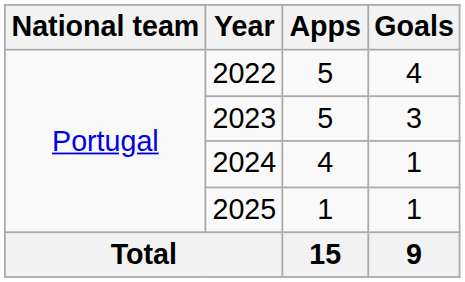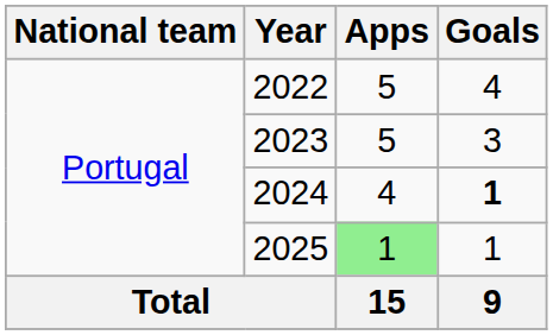 <table class="wikitable" style="text-align:center">
 <tr>
 <th>National team</th>
 <th>Year</th>
 <th>Apps</th>
 <th>Goals</th>
 </tr>
 <tr>
 <td rowspan="4"><a href='#'>Portugal</a></td>
 <td>2022</td>
 <td>5</td>
 <td>4</td>
 </tr>
 <tr>
 <td>2023</td>
 <td>5</td>
 <td>3</td>
 </tr>
 <tr>
 <td>2024</td>
 <td>4</td>
-<td>1</td>
+<td><strong>1</strong></td>
 </tr>
 <tr>
 <td>2025</td>
-<td>1</td>
+<td style="background: lightgreen;">1</td>
 <td>1</td>
 </tr>
 <tr>
 <th colspan="2">Total</th>
 <th>15</th>
 <th>9</th>
 </tr>
 </table>
